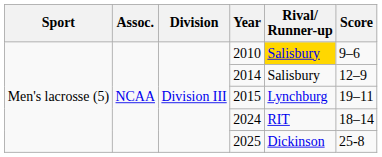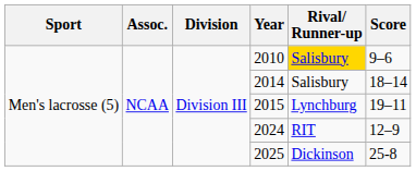 <table class="wikitable">
 <tr>
 <th>Sport</th>
 <th>Assoc.</th>
 <th>Division</th>
 <th>Year</th>
 <th>Rival/<br>Runner-up</th>
 <th>Score</th>
 </tr>
 <tr>
 <td rowspan="5">Men's lacrosse (5)</td>
 <td rowspan="6"><a href='#'>NCAA</a></td>
 <td rowspan="5"><a href='#'>Division III</a></td>
 <td>2010</td>
 <td style="background: gold;"><a href='#'>Salisbury</a></td>
 <td>9–6</td>
 </tr>
 <tr>
 <td>2014</td>
 <td>Salisbury</td>
-<td>12–9</td>
+<td>18–14</td>
 </tr>
 <tr>
 <td>2015</td>
 <td><a href='#'>Lynchburg</a></td>
 <td>19–11</td>
 </tr>
 <tr>
 <td>2024</td>
 <td><a href='#'>RIT</a></td>
-<td>18–14</td>
+<td>12–9</td>
 </tr>
 <tr>
 <td>2025</td>
 <td><a href='#'>Dickinson</a></td>
 <td>25-8</td>
 </tr>
 </table>
